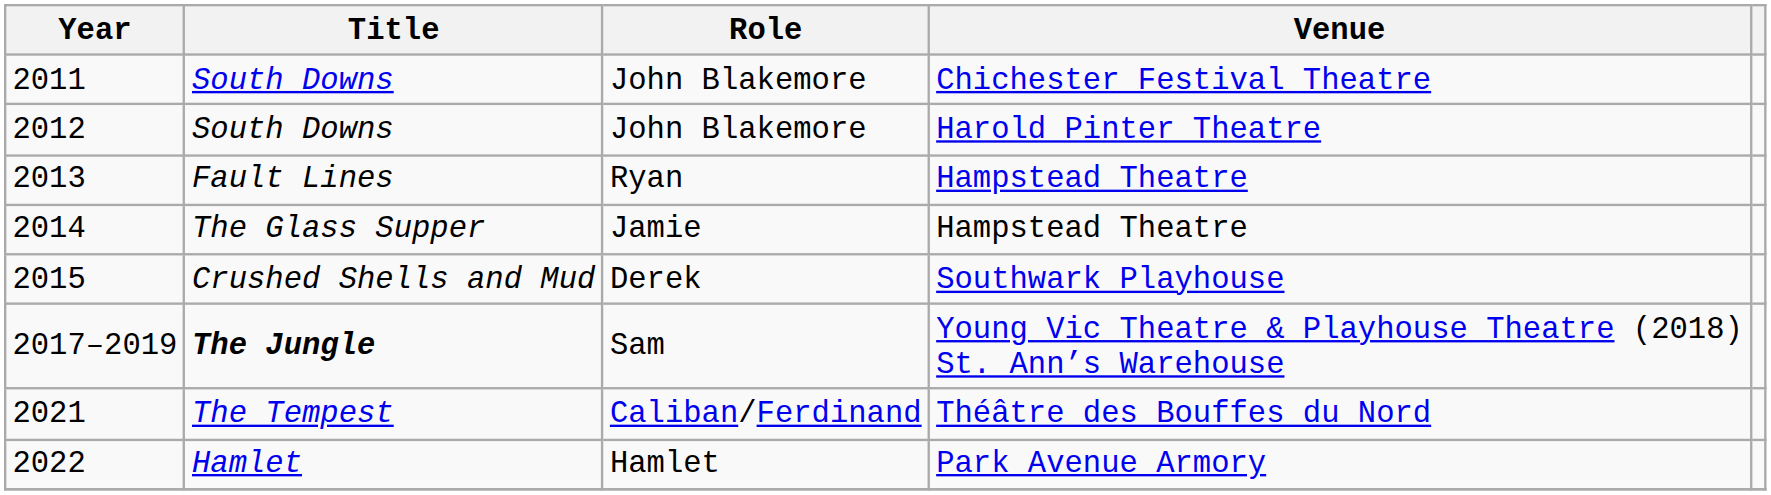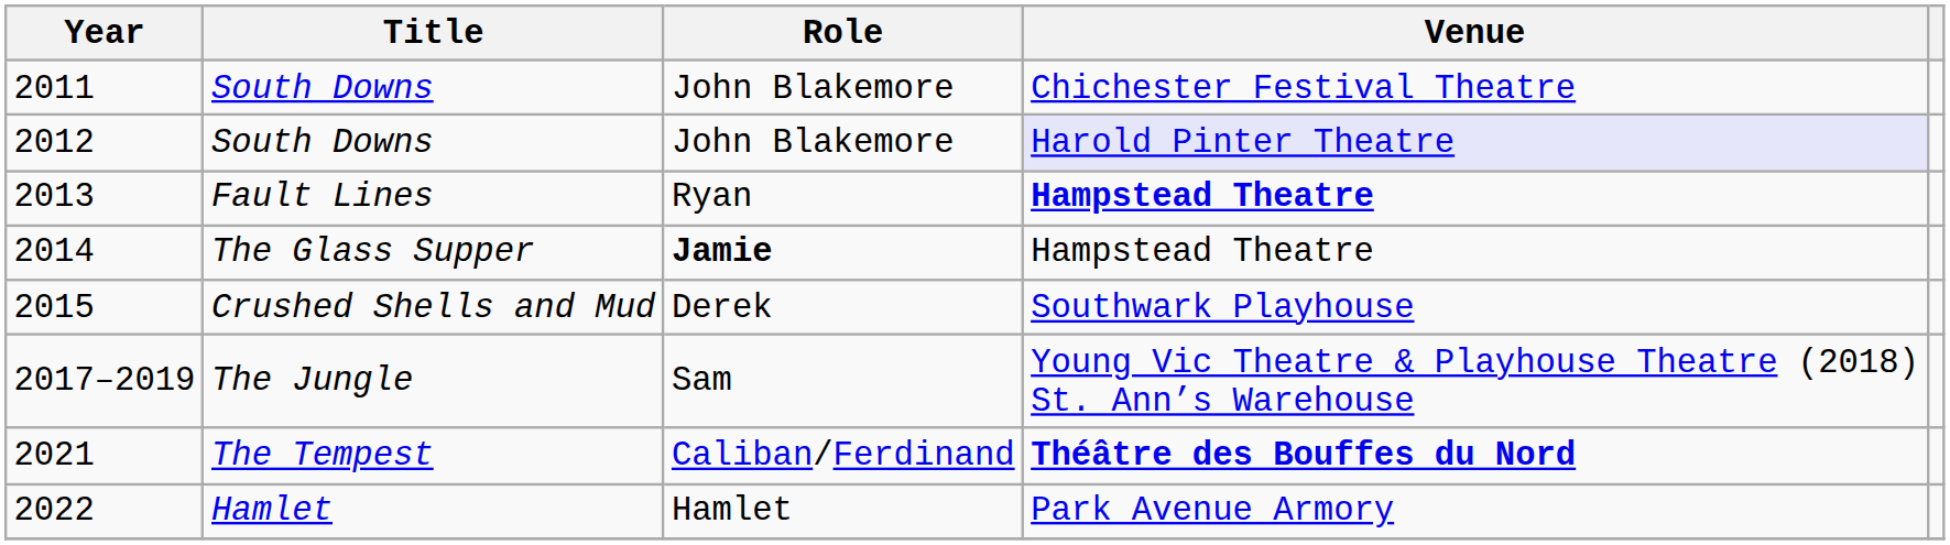 <table class="wikitable">
 <tr>
 <th>Year</th>
 <th>Title</th>
 <th>Role</th>
 <th>Venue</th>
 <th></th>
 </tr>
 <tr>
 <td>2011</td>
 <td><em><a href='#'>South Downs</a></em></td>
 <td>John Blakemore</td>
 <td><a href='#'>Chichester Festival Theatre</a></td>
 <td></td>
 </tr>
 <tr>
 <td>2012</td>
 <td><em>South Downs</em></td>
 <td>John Blakemore</td>
-<td><a href='#'>Harold Pinter Theatre</a></td>
+<td style="background: lavender;"><a href='#'>Harold Pinter Theatre</a></td>
 <td></td>
 </tr>
 <tr>
 <td>2013</td>
 <td><em>Fault Lines</em></td>
 <td>Ryan</td>
-<td><a href='#'>Hampstead Theatre</a></td>
+<td><strong><a href='#'>Hampstead Theatre</a></strong></td>
 <td></td>
 </tr>
 <tr>
 <td>2014</td>
 <td><em>The Glass Supper</em></td>
-<td>Jamie</td>
+<td><strong>Jamie</strong></td>
 <td>Hampstead Theatre</td>
 <td></td>
 </tr>
 <tr>
 <td>2015</td>
 <td><em>Crushed Shells and Mud</em></td>
 <td>Derek</td>
 <td><a href='#'>Southwark Playhouse</a></td>
 <td></td>
 </tr>
 <tr>
 <td>2017–2019</td>
-<td><strong><em>The Jungle</em></strong></td>
+<td><em>The Jungle</em></td>
 <td>Sam</td>
 <td><a href='#'>Young Vic Theatre & Playhouse Theatre</a> (2018) <br> <a href='#'>St. Ann’s Warehouse</a></td>
 <td></td>
 </tr>
 <tr>
 <td>2021</td>
 <td><em><a href='#'>The Tempest</a></em></td>
 <td><a href='#'>Caliban</a>/<a href='#'>Ferdinand</a></td>
-<td><a href='#'>Théâtre des Bouffes du Nord</a></td>
+<td><strong><a href='#'>Théâtre des Bouffes du Nord</a></strong></td>
 <td></td>
 </tr>
 <tr>
 <td>2022</td>
 <td><em><a href='#'>Hamlet</a></em></td>
 <td>Hamlet</td>
 <td><a href='#'>Park Avenue Armory</a></td>
 <td></td>
 </tr>
 <tr>
 </tr>
 </table>
